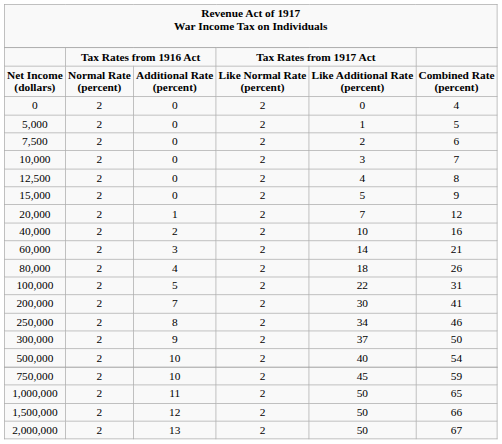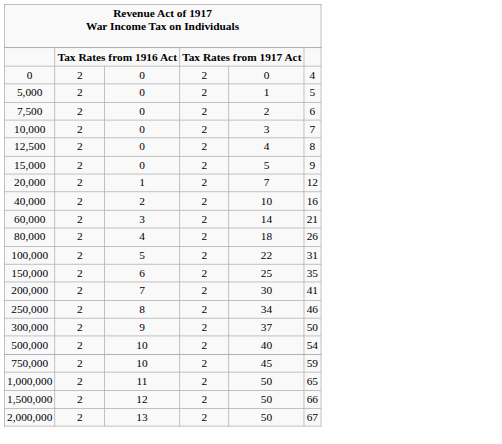 <table class="wikitable" style="text-align: center;">
 <tr>
 <td colspan="6"><strong>Revenue Act of 1917<br>War Income Tax on Individuals</strong><br><br> </td>
 </tr>
 <tr>
 </tr>
 <tr>
 <td></td>
 <td colspan="2"><strong>Tax Rates from 1916 Act</strong></td>
 <td colspan="2"><strong>Tax Rates from 1917 Act</strong></td>
 <td></td>
-</tr>
-<tr>
-<td><strong>Net Income<br>(dollars)</strong></td>
-<td><strong>Normal Rate<br>(percent)</strong></td>
-<td><strong>Additional Rate<br>(percent)</strong></td>
-<td><strong>Like Normal Rate<br>(percent)</strong></td>
-<td><strong>Like Additional Rate<br>(percent)</strong></td>
-<td><strong>Combined Rate<br>(percent)</strong></td>
 </tr>
 <tr>
 <td>0</td>
 <td>2</td>
 <td>0</td>
 <td>2</td>
 <td>0</td>
 <td>4</td>
 </tr>
 <tr>
 <td>5,000</td>
 <td>2</td>
 <td>0</td>
 <td>2</td>
 <td>1</td>
 <td>5</td>
 </tr>
 <tr>
 <td>7,500</td>
 <td>2</td>
 <td>0</td>
 <td>2</td>
 <td>2</td>
 <td>6</td>
 </tr>
 <tr>
 <td>10,000</td>
 <td>2</td>
 <td>0</td>
 <td>2</td>
 <td>3</td>
 <td>7</td>
 </tr>
 <tr>
 <td>12,500</td>
 <td>2</td>
 <td>0</td>
 <td>2</td>
 <td>4</td>
 <td>8</td>
 </tr>
 <tr>
 <td>15,000</td>
 <td>2</td>
 <td>0</td>
 <td>2</td>
 <td>5</td>
 <td>9</td>
 </tr>
 <tr>
 <td>20,000</td>
 <td>2</td>
 <td>1</td>
 <td>2</td>
 <td>7</td>
 <td>12</td>
 </tr>
 <tr>
 <td>40,000</td>
 <td>2</td>
 <td>2</td>
 <td>2</td>
 <td>10</td>
 <td>16</td>
 </tr>
 <tr>
 <td>60,000</td>
 <td>2</td>
 <td>3</td>
 <td>2</td>
 <td>14</td>
 <td>21</td>
 </tr>
 <tr>
 <td>80,000</td>
 <td>2</td>
 <td>4</td>
 <td>2</td>
 <td>18</td>
 <td>26</td>
 </tr>
 <tr>
 <td>100,000</td>
 <td>2</td>
 <td>5</td>
 <td>2</td>
 <td>22</td>
 <td>31</td>
 </tr>
 <tr>
+<td>150,000</td>
+<td>2</td>
+<td>6</td>
+<td>2</td>
+<td>25</td>
+<td>35</td>
+</tr>
+<tr>
 <td>200,000</td>
 <td>2</td>
 <td>7</td>
 <td>2</td>
 <td>30</td>
 <td>41</td>
 </tr>
 <tr>
 <td>250,000</td>
 <td>2</td>
 <td>8</td>
 <td>2</td>
 <td>34</td>
 <td>46</td>
 </tr>
 <tr>
 <td>300,000</td>
 <td>2</td>
 <td>9</td>
 <td>2</td>
 <td>37</td>
 <td>50</td>
 </tr>
 <tr>
 <td>500,000</td>
 <td>2</td>
 <td>10</td>
 <td>2</td>
 <td>40</td>
 <td>54</td>
 </tr>
 <tr>
 </tr>
 <tr>
 <td>750,000</td>
 <td>2</td>
 <td>10</td>
 <td>2</td>
 <td>45</td>
 <td>59</td>
 </tr>
 <tr>
 <td>1,000,000</td>
 <td>2</td>
 <td>11</td>
 <td>2</td>
 <td>50</td>
 <td>65</td>
 </tr>
 <tr>
 <td>1,500,000</td>
 <td>2</td>
 <td>12</td>
 <td>2</td>
 <td>50</td>
 <td>66</td>
 </tr>
 <tr>
 <td>2,000,000</td>
 <td>2</td>
 <td>13</td>
 <td>2</td>
 <td>50</td>
 <td>67</td>
 </tr>
 </table>
